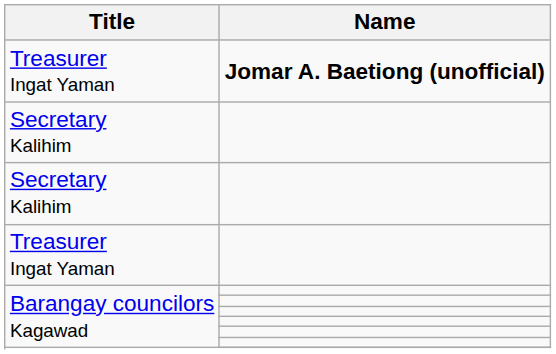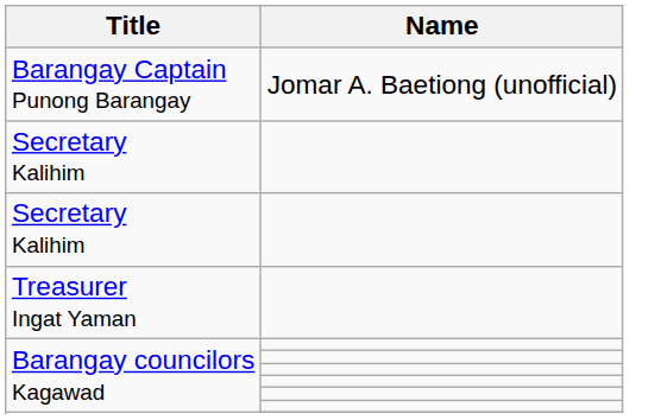 <table class="wikitable">
 <tr>
 <th>Title</th>
 <th>Name</th>
 </tr>
 <tr>
-<td><a href='#'>Treasurer</a><br><small>Ingat Yaman</small></td>
-<td><strong>Jomar A. Baetiong (unofficial)</strong></td>
+<td><a href='#'>Barangay Captain</a><br><small>Punong Barangay</small></td>
+<td>Jomar A. Baetiong (unofficial)</td>
 </tr>
 <tr>
 <td><a href='#'>Secretary</a><br><small>Kalihim</small></td>
 <td></td>
 </tr>
 <tr>
 <td><a href='#'>Secretary</a><br><small>Kalihim</small></td>
 <td></td>
 </tr>
 <tr>
 <td><a href='#'>Treasurer</a><br><small>Ingat Yaman</small></td>
 <td></td>
 </tr>
 <tr>
 <td rowspan=7><a href='#'>Barangay councilors</a><br><small>Kagawad</small></td>
 <td></td>
 </tr>
 <tr>
 <td></td>
 </tr>
 <tr>
 <td></td>
 </tr>
 <tr>
 <td></td>
 </tr>
 <tr>
 <td></td>
 </tr>
 <tr>
 <td></td>
 </tr>
 <tr>
 </tr>
 </table>
